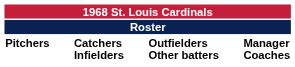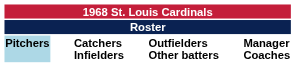 <table class="toccolours" style="font-size: 95%;">
 <tr>
 <th colspan="10" style="background-color: #c41e3a; color: white; text-align: center;">1968 St. Louis Cardinals</th>
 </tr>
 <tr>
 <td colspan="10" style="background-color: #0a2252; color: #FFFFFF; text-align: center;"><strong>Roster</strong></td>
 </tr>
 <tr>
-<td valign="top"><strong>Pitchers</strong><br>            </td>
+<td valign="top" style="background: lightblue;"><strong>Pitchers</strong><br>            </td>
 <td width="25px"></td>
 <td valign="top"><strong>Catchers</strong><br>    <strong>Infielders</strong>      </td>
 <td width="25px"></td>
 <td valign="top"><strong>Outfielders</strong><br>        <strong>Other batters</strong> </td>
 <td width="25px"></td>
 <td valign="top"><strong>Manager</strong><br> <strong>Coaches</strong>    </td>
 </tr>
 </table>
